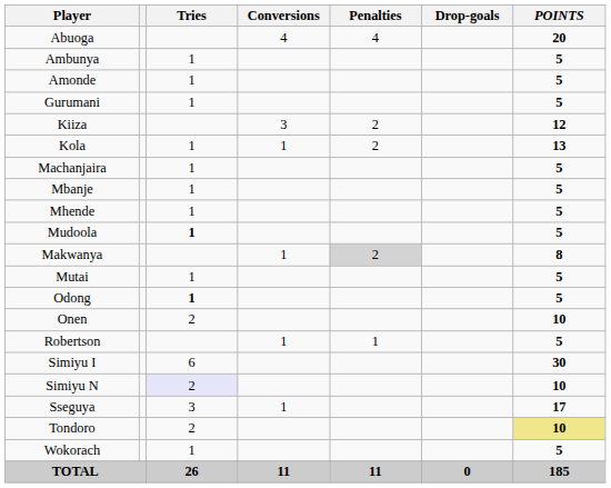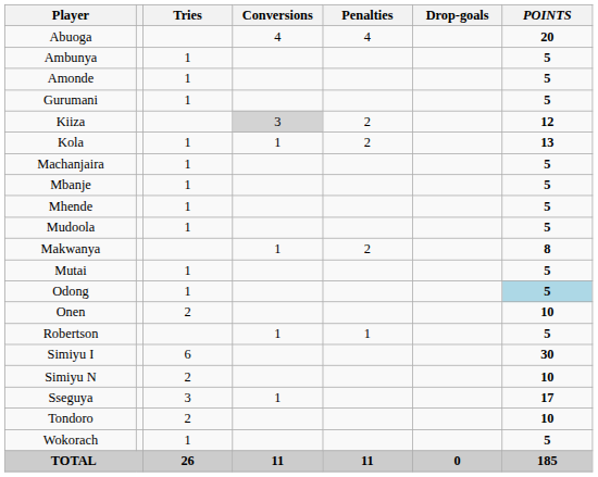 <table class="wikitable sortable" style="text-align: center;">
 <tr>
 <th width="150">Player</th>
 <th></th>
 <th width="100">Tries</th>
 <th width="100">Conversions</th>
 <th width="100">Penalties</th>
 <th width="100">Drop-goals</th>
 <th width="100"><em>POINTS</em></th>
 </tr>
 <tr>
 <td>Abuoga</td>
 <td></td>
 <td></td>
 <td>4</td>
 <td>4</td>
 <td></td>
 <td><strong>20</strong></td>
 </tr>
 <tr>
 <td>Ambunya</td>
 <td></td>
 <td>1</td>
 <td></td>
 <td></td>
 <td></td>
 <td><strong>5</strong></td>
 </tr>
 <tr>
 <td>Amonde</td>
 <td></td>
 <td>1</td>
 <td></td>
 <td></td>
 <td></td>
 <td><strong>5</strong></td>
 </tr>
 <tr>
 <td>Gurumani</td>
 <td></td>
 <td>1</td>
 <td></td>
 <td></td>
 <td></td>
 <td><strong>5</strong></td>
 </tr>
 <tr>
 <td>Kiiza</td>
 <td></td>
 <td></td>
-<td>3</td>
+<td style="background: lightgrey;">3</td>
 <td>2</td>
 <td></td>
 <td><strong>12</strong></td>
 </tr>
 <tr>
 <td>Kola</td>
 <td></td>
 <td>1</td>
 <td>1</td>
 <td>2</td>
 <td></td>
 <td><strong>13</strong></td>
 </tr>
 <tr>
 <td>Machanjaira</td>
 <td></td>
 <td>1</td>
 <td></td>
 <td></td>
 <td></td>
 <td><strong>5</strong></td>
 </tr>
 <tr>
 <td>Mbanje</td>
 <td></td>
 <td>1</td>
 <td></td>
 <td></td>
 <td></td>
 <td><strong>5</strong></td>
 </tr>
 <tr>
 <td>Mhende</td>
 <td></td>
 <td>1</td>
 <td></td>
 <td></td>
 <td></td>
 <td><strong>5</strong></td>
 </tr>
 <tr>
 <td>Mudoola</td>
 <td></td>
-<td><strong>1</strong></td>
+<td>1</td>
 <td></td>
 <td></td>
 <td></td>
 <td><strong>5</strong></td>
 </tr>
 <tr>
 <td>Makwanya</td>
 <td></td>
 <td></td>
 <td>1</td>
-<td style="background: lightgrey;">2</td>
+<td>2</td>
 <td></td>
 <td><strong>8</strong></td>
 </tr>
 <tr>
 <td>Mutai</td>
 <td></td>
 <td>1</td>
 <td></td>
 <td></td>
 <td></td>
 <td><strong>5</strong></td>
 </tr>
 <tr>
 <td>Odong</td>
 <td></td>
-<td><strong>1</strong></td>
+<td>1</td>
 <td></td>
 <td></td>
 <td></td>
-<td><strong>5</strong></td>
+<td style="background: lightblue;"><strong>5</strong></td>
 </tr>
 <tr>
 <td>Onen</td>
 <td></td>
 <td>2</td>
 <td></td>
 <td></td>
 <td></td>
 <td><strong>10</strong></td>
 </tr>
 <tr>
 <td>Robertson</td>
 <td></td>
 <td></td>
 <td>1</td>
 <td>1</td>
 <td></td>
 <td><strong>5</strong></td>
 </tr>
 <tr>
 <td>Simiyu I</td>
 <td></td>
 <td>6</td>
 <td></td>
 <td></td>
 <td></td>
 <td><strong>30</strong></td>
 </tr>
 <tr>
 <td>Simiyu N</td>
 <td></td>
-<td style="background: lavender;">2</td>
+<td>2</td>
 <td></td>
 <td></td>
 <td></td>
 <td><strong>10</strong></td>
 </tr>
 <tr>
 <td>Sseguya</td>
 <td></td>
 <td>3</td>
 <td>1</td>
 <td></td>
 <td></td>
 <td><strong>17</strong></td>
 </tr>
 <tr>
 <td>Tondoro</td>
 <td></td>
 <td>2</td>
 <td></td>
 <td></td>
 <td></td>
-<td style="background: khaki;"><strong>10</strong></td>
+<td><strong>10</strong></td>
 </tr>
 <tr>
 <td>Wokorach</td>
 <td></td>
 <td>1</td>
 <td></td>
 <td></td>
 <td></td>
 <td><strong>5</strong></td>
 </tr>
 <tr class="sortbottom" style="background: #CCCCCC">
 <td colspan="2"><strong>TOTAL</strong></td>
 <td><strong>26</strong></td>
 <td><strong>11</strong></td>
 <td><strong>11</strong></td>
 <td><strong>0</strong></td>
 <td><strong>185</strong></td>
 </tr>
 </table>
